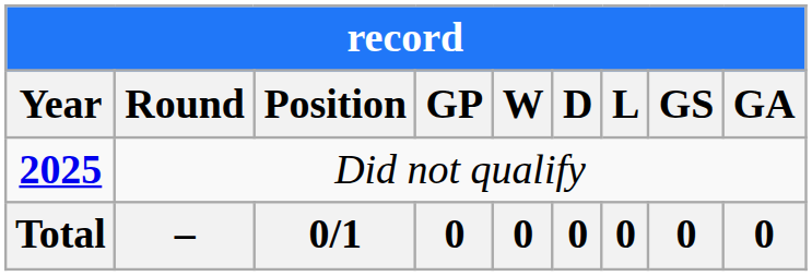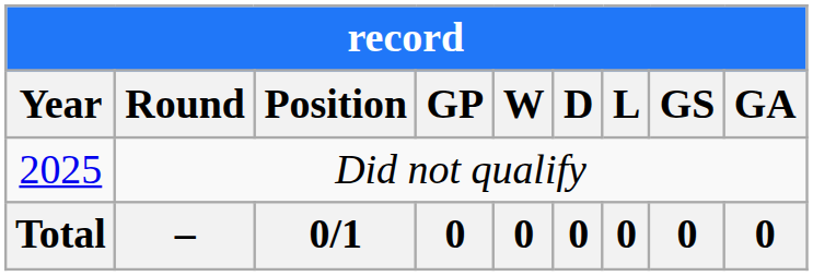 <table class="wikitable mw-collapsible" style="text-align: center;font-size:100%;">
 <tr>
 <th colspan="9" style="background: #2077F8; color: white;"><a href='#'></a> record</th>
 </tr>
 <tr>
 <th>Year</th>
 <th>Round</th>
 <th>Position</th>
 <th>GP</th>
 <th>W</th>
 <th>D</th>
 <th>L</th>
 <th>GS</th>
 <th>GA</th>
 </tr>
 <tr>
-<td><strong> <a href='#'>2025</a></strong></td>
+<td> <a href='#'>2025</a></td>
 <td colspan=8><em>Did not qualify</em></td>
 </tr>
 <tr>
 <th><strong>Total</strong></th>
 <th>–</th>
 <th><strong>0/1</strong></th>
 <th><strong>0</strong></th>
 <th><strong>0</strong></th>
 <th><strong>0</strong></th>
 <th><strong>0</strong></th>
 <th><strong>0</strong></th>
 <th><strong>0</strong></th>
 </tr>
 </table>
